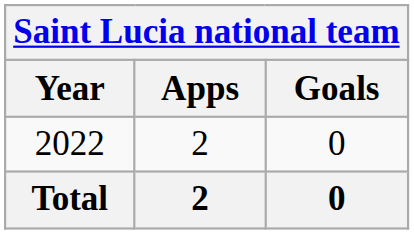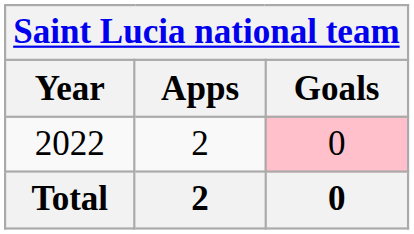 <table class="wikitable" style="text-align:center">
 <tr>
 <th colspan=3><a href='#'>Saint Lucia national team</a></th>
 </tr>
 <tr>
 <th>Year</th>
 <th>Apps</th>
 <th>Goals</th>
 </tr>
 <tr>
 <td>2022</td>
 <td>2</td>
-<td>0</td>
+<td style="background: pink;">0</td>
 </tr>
 <tr>
 <th>Total</th>
 <th>2</th>
 <th>0</th>
 </tr>
 </table>
